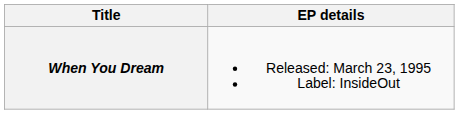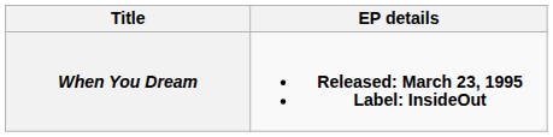 <table class="wikitable plainrowheaders" border="1" style="text-align:center">
 <tr>
 <th scope="col" style="width:14em;">Title</th>
 <th scope="col" style="width:17em;">EP details</th>
 </tr>
 <tr>
 <th scope="row"><em>When You Dream</em></th>
-<td><br><ul><li>Released: March 23, 1995</li><li>Label: InsideOut</li></ul></td>
+<td><strong><br><ul><li>Released: March 23, 1995</li><li>Label: InsideOut</li></ul></strong></td>
 </tr>
 </table>
